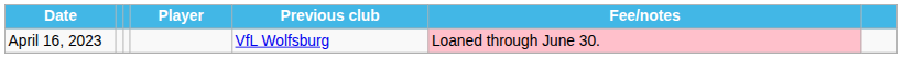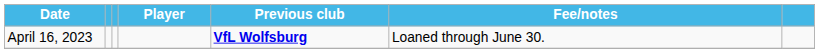 <table class="wikitable sortable">
 <tr>
 <th style="background:#42b7e6; color:#fff; width:110px;" data-sort-type="date">Date</th>
 <th style="background:#42b7e6; color:#fff;"></th>
 <th style="background:#42b7e6; color:#fff;"></th>
 <th style="background:#42b7e6; color:#fff; width:100px;">Player</th>
 <th style="background:#42b7e6; color:#fff; width:200px;">Previous club</th>
 <th style="background:#42b7e6; color:#fff; width:450px;">Fee/notes</th>
 <th style="background:#42b7e6; color:#fff; width:30px;"></th>
 </tr>
 <tr>
 <td>April 16, 2023</td>
 <td></td>
 <td></td>
 <td></td>
-<td> <a href='#'>VfL Wolfsburg</a></td>
-<td style="background: pink;">Loaned through June 30.</td>
+<td><strong> <a href='#'>VfL Wolfsburg</a></strong></td>
+<td>Loaned through June 30.</td>
 <td></td>
 </tr>
 <tr>
 </tr>
 </table>
